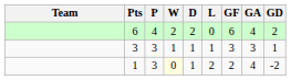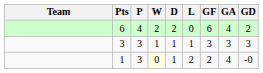 <table class="wikitable" style="text-align: center;">
 <tr>
 <th width="165">Team</th>
 <th width="20">Pts</th>
 <th width="20">P</th>
 <th width="20">W</th>
 <th width="20">D</th>
 <th width="20">L</th>
 <th width="20">GF</th>
 <th width="20">GA</th>
 <th width="20">GD</th>
 </tr>
 <tr bgcolor=ccffcc>
 <td style="text-align:left;"></td>
 <td>6</td>
 <td>4</td>
 <td>2</td>
 <td>2</td>
 <td>0</td>
 <td>6</td>
 <td>4</td>
 <td>2</td>
 </tr>
 <tr>
 <td></td>
 <td>3</td>
 <td>3</td>
 <td>1</td>
 <td>1</td>
 <td>1</td>
 <td>3</td>
 <td>3</td>
-<td>1</td>
+<td>3</td>
 </tr>
 <tr>
 <td></td>
 <td>1</td>
 <td>3</td>
 <td style="background: lightyellow;">0</td>
 <td>1</td>
 <td>2</td>
 <td>2</td>
 <td>4</td>
-<td>-2</td>
+<td>-0</td>
 </tr>
 </table>
